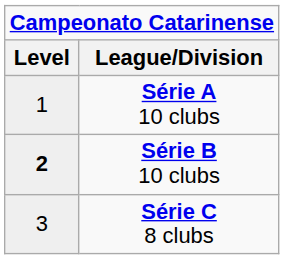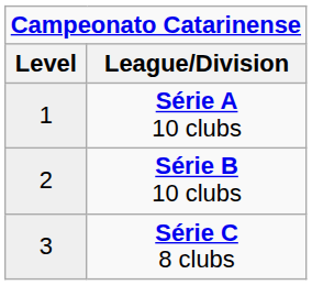 <table align="left" class="wikitable">
 <tr>
 <td colspan=2 style="text-align:center;"><strong><a href='#'>Campeonato Catarinense</a></strong></td>
 </tr>
 <tr style="background:#efefef;">
 <th>Level</th>
 <th>League/Division</th>
 </tr>
 <tr>
 <td align="center" style="background:#efefef;">1</td>
 <td align="center"><strong><a href='#'>Série A</a></strong><br>10 clubs</td>
 </tr>
 <tr>
-<td align="center" style="background:#efefef;"><strong>2</strong></td>
+<td align="center" style="background:#efefef;">2</td>
 <td align="center"><strong><a href='#'>Série B</a></strong><br>10 clubs</td>
 </tr>
 <tr>
 <td align="center" style="background:#efefef;">3</td>
 <td align="center"><strong><a href='#'>Série C</a></strong><br>8 clubs</td>
 </tr>
 </table>
